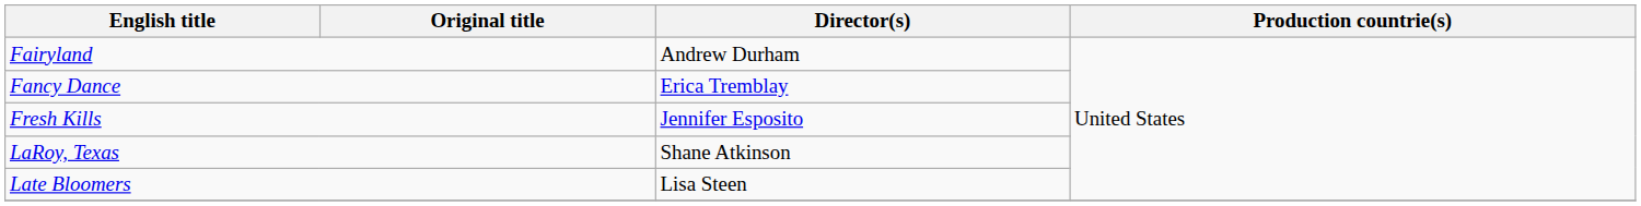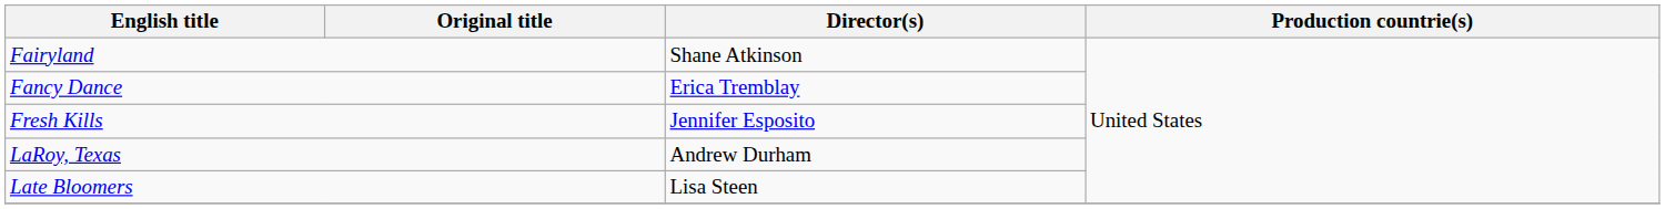 <table class="sortable wikitable" style="width:100%; margin-bottom:4px" cellpadding="5">
 <tr>
 <th scope="col">English title</th>
 <th scope="col">Original title</th>
 <th scope="col">Director(s)</th>
 <th scope="col">Production countrie(s)</th>
 </tr>
 <tr>
 <td colspan="2"><em><a href='#'>Fairyland</a></em></td>
-<td>Andrew Durham</td>
+<td>Shane Atkinson</td>
 <td rowspan="5">United States</td>
 </tr>
 <tr>
 <td colspan="2"><em><a href='#'>Fancy Dance</a></em></td>
 <td><a href='#'>Erica Tremblay</a></td>
 </tr>
 <tr>
 <td colspan="2"><em><a href='#'>Fresh Kills</a></em></td>
 <td><a href='#'>Jennifer Esposito</a></td>
 </tr>
 <tr>
 <td colspan="2"><em><a href='#'>LaRoy, Texas</a></em></td>
-<td>Shane Atkinson</td>
+<td>Andrew Durham</td>
 </tr>
 <tr>
 <td colspan="2"><em><a href='#'>Late Bloomers</a></em></td>
 <td>Lisa Steen</td>
 </tr>
 <tr>
 </tr>
 </table>
